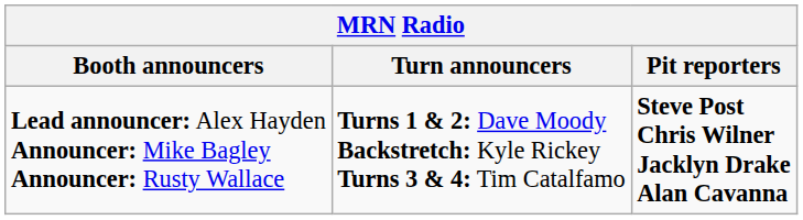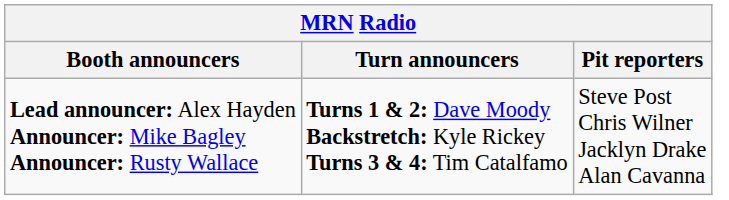 <table class="wikitable" style="font-size: 95%">
 <tr>
 <th colspan="3"><a href='#'>MRN</a> <a href='#'>Radio</a></th>
 </tr>
 <tr>
 <th>Booth announcers</th>
 <th>Turn announcers</th>
 <th>Pit reporters</th>
 </tr>
 <tr>
 <td><strong>Lead announcer:</strong> Alex Hayden<br><strong>Announcer:</strong> <a href='#'>Mike Bagley</a><br><strong>Announcer:</strong> <a href='#'>Rusty Wallace</a></td>
 <td><strong>Turns 1 & 2:</strong> <a href='#'>Dave Moody</a><br><strong>Backstretch:</strong> Kyle Rickey<br><strong>Turns 3 & 4:</strong> Tim Catalfamo</td>
-<td><strong>Steve Post<br>Chris Wilner<br>Jacklyn Drake<br>Alan Cavanna</strong></td>
+<td>Steve Post<br>Chris Wilner<br>Jacklyn Drake<br>Alan Cavanna</td>
 </tr>
 </table>
